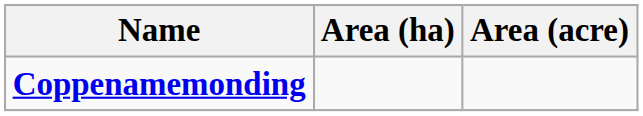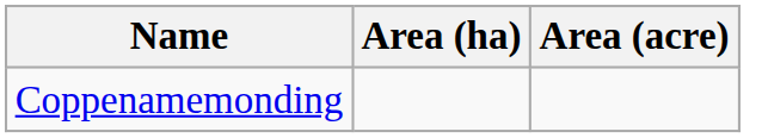 <table class="wikitable sortable">
 <tr>
 <th scope="col" align=left>Name</th>
 <th scope="col">Area (ha)</th>
 <th scope="col">Area (acre)</th>
 </tr>
 <tr ---->
-<td><strong><a href='#'>Coppenamemonding</a></strong></td>
+<td><a href='#'>Coppenamemonding</a></td>
 <td></td>
 </tr>
 </table>
